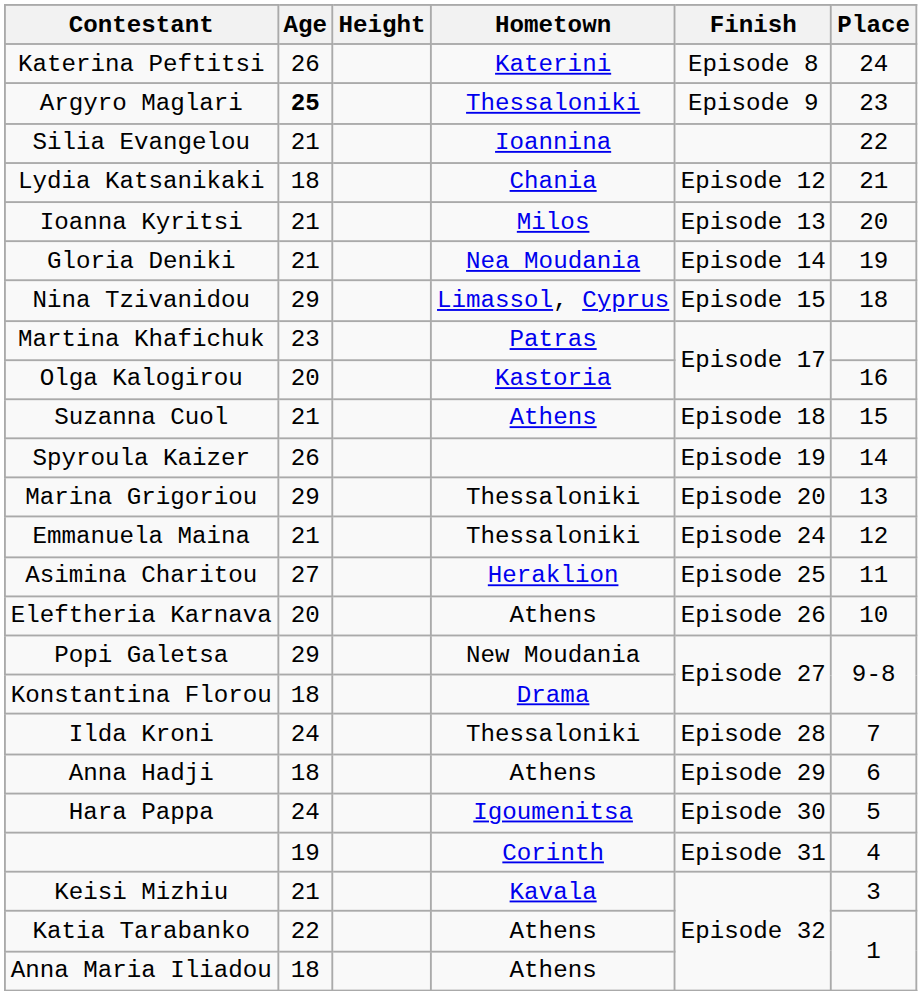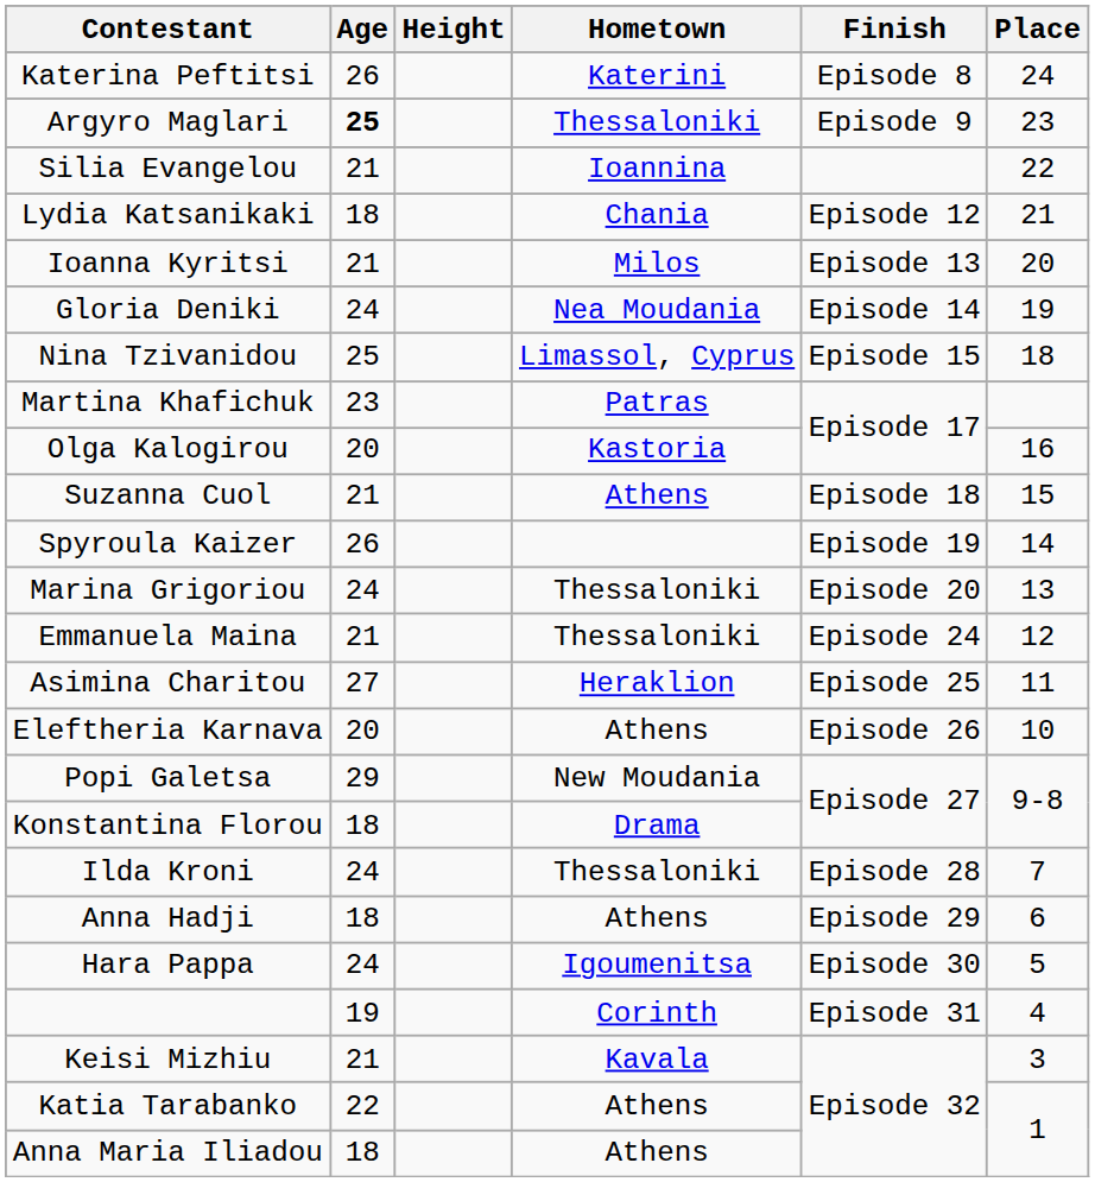 <table class="wikitable sortable" style="text-align:center;">
 <tr>
 <th>Contestant</th>
 <th>Age</th>
 <th>Height</th>
 <th>Hometown</th>
 <th>Finish</th>
 <th>Place</th>
 </tr>
 <tr>
 <td>Katerina Peftitsi</td>
 <td>26</td>
 <td></td>
 <td><a href='#'>Katerini</a></td>
 <td>Episode 8</td>
 <td>24</td>
 </tr>
 <tr>
 <td>Argyro Maglari</td>
 <td><strong>25</strong></td>
 <td></td>
 <td><a href='#'>Thessaloniki</a></td>
 <td>Episode 9</td>
 <td>23</td>
 </tr>
 <tr>
 <td>Silia Evangelou</td>
 <td>21</td>
 <td></td>
 <td><a href='#'>Ioannina</a></td>
 <td></td>
 <td>22</td>
 </tr>
 <tr>
 <td>Lydia Katsanikaki</td>
 <td>18</td>
 <td></td>
 <td><a href='#'>Chania</a></td>
 <td>Episode 12</td>
 <td>21</td>
 </tr>
 <tr>
 <td>Ioanna Kyritsi</td>
 <td>21</td>
 <td></td>
 <td><a href='#'>Milos</a></td>
 <td>Episode 13</td>
 <td>20</td>
 </tr>
 <tr>
 <td>Gloria Deniki</td>
-<td>21</td>
+<td>24</td>
 <td></td>
 <td><a href='#'>Nea Moudania</a></td>
 <td>Episode 14</td>
 <td>19</td>
 </tr>
 <tr>
 <td>Nina Tzivanidou</td>
-<td>29</td>
+<td>25</td>
 <td></td>
 <td><a href='#'>Limassol</a>, <a href='#'>Cyprus</a></td>
 <td>Episode 15</td>
 <td>18</td>
 </tr>
 <tr>
 <td>Martina Khafichuk</td>
 <td>23</td>
 <td></td>
 <td><a href='#'>Patras</a></td>
 <td rowspan="2">Episode 17</td>
 <td></td>
 </tr>
 <tr>
 <td>Olga Kalogirou</td>
 <td>20</td>
 <td></td>
 <td><a href='#'>Kastoria</a></td>
 <td>16</td>
 </tr>
 <tr>
 <td>Suzanna Cuol</td>
 <td>21</td>
 <td></td>
 <td><a href='#'>Athens</a></td>
 <td>Episode 18</td>
 <td>15</td>
 </tr>
 <tr>
 <td>Spyroula Kaizer</td>
 <td>26</td>
 <td></td>
 <td></td>
 <td>Episode 19</td>
 <td>14</td>
 </tr>
 <tr>
 <td>Marina Grigoriou</td>
-<td>29</td>
+<td>24</td>
 <td></td>
 <td>Thessaloniki</td>
 <td>Episode 20</td>
 <td>13</td>
 </tr>
 <tr>
 <td>Emmanuela Maina</td>
 <td>21</td>
 <td></td>
 <td>Thessaloniki</td>
 <td>Episode 24</td>
 <td>12</td>
 </tr>
 <tr>
 <td>Asimina Charitou</td>
 <td>27</td>
 <td></td>
 <td><a href='#'>Heraklion</a></td>
 <td>Episode 25</td>
 <td>11</td>
 </tr>
 <tr>
 <td>Eleftheria Karnava</td>
 <td>20</td>
 <td></td>
 <td>Athens</td>
 <td>Episode 26</td>
 <td>10</td>
 </tr>
 <tr>
 <td>Popi Galetsa</td>
 <td>29</td>
 <td></td>
 <td>New Moudania</td>
 <td rowspan="2">Episode 27</td>
 <td rowspan="2">9-8</td>
 </tr>
 <tr>
 <td>Konstantina Florou</td>
 <td>18</td>
 <td></td>
 <td><a href='#'>Drama</a></td>
 </tr>
 <tr>
 <td>Ilda Kroni</td>
 <td>24</td>
 <td></td>
 <td>Thessaloniki</td>
 <td>Episode 28</td>
 <td>7</td>
 </tr>
 <tr>
 <td>Anna Hadji</td>
 <td>18</td>
 <td></td>
 <td>Athens</td>
 <td>Episode 29</td>
 <td>6</td>
 </tr>
 <tr>
 <td>Hara Pappa</td>
 <td>24</td>
 <td></td>
 <td><a href='#'>Igoumenitsa</a></td>
 <td>Episode 30</td>
 <td>5</td>
 </tr>
 <tr>
 <td></td>
 <td>19</td>
 <td></td>
 <td><a href='#'>Corinth</a></td>
 <td>Episode 31</td>
 <td>4</td>
 </tr>
 <tr>
 <td>Keisi Mizhiu</td>
 <td>21</td>
 <td></td>
 <td><a href='#'>Kavala</a></td>
 <td rowspan="3">Episode 32</td>
 <td>3</td>
 </tr>
 <tr>
 <td>Katia Tarabanko</td>
 <td>22</td>
 <td></td>
 <td>Athens</td>
 <td rowspan="2">1</td>
 </tr>
 <tr>
 <td>Anna Maria Iliadou</td>
 <td>18</td>
 <td></td>
 <td>Athens</td>
 </tr>
 <tr>
 </tr>
 </table>
